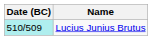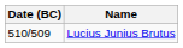 <table class="wikitable sortable">
 <tr>
 <th>Date (BC)</th>
 <th>Name</th>
 </tr>
 <tr>
-<td style="background: paleturquoise;">510/509</td>
+<td>510/509</td>
 <td><a href='#'>Lucius Junius Brutus</a></td>
 </tr>
 </table>
